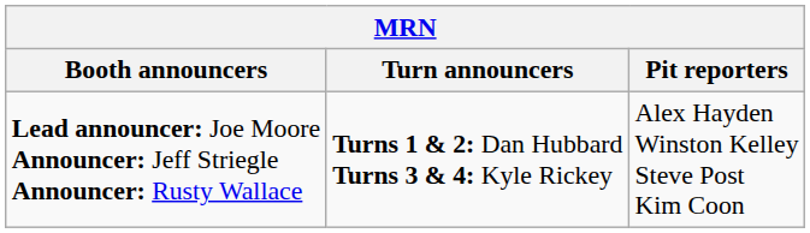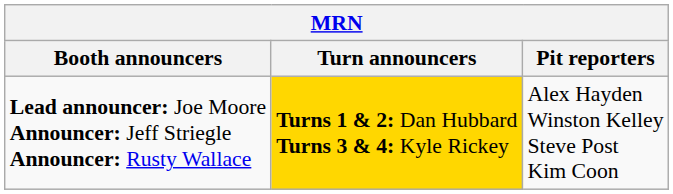 <table class="wikitable" style="font-size: 95%">
 <tr>
 <th colspan="3"><a href='#'>MRN</a></th>
 </tr>
 <tr>
 <th>Booth announcers</th>
 <th>Turn announcers</th>
 <th>Pit reporters</th>
 </tr>
 <tr>
 <td><strong>Lead announcer:</strong> Joe Moore<br><strong>Announcer:</strong> Jeff Striegle<br><strong>Announcer:</strong> <a href='#'>Rusty Wallace</a></td>
-<td><strong>Turns 1 & 2:</strong> Dan Hubbard<br><strong>Turns 3 & 4:</strong> Kyle Rickey</td>
+<td style="background: gold;"><strong>Turns 1 & 2:</strong> Dan Hubbard<br><strong>Turns 3 & 4:</strong> Kyle Rickey</td>
 <td>Alex Hayden<br>Winston Kelley<br>Steve Post<br>Kim Coon</td>
 </tr>
 </table>
